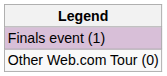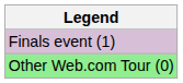 <table class="wikitable" style="font-size:95%;">
 <tr>
 <th>Legend</th>
 </tr>
 <tr style="background:#D8BFD8;">
 <td>Finals event (1)</td>
 </tr>
 <tr>
-<td>Other Web.com Tour (0)</td>
+<td style="background: lightgreen;">Other Web.com Tour (0)</td>
 </tr>
 </table>
